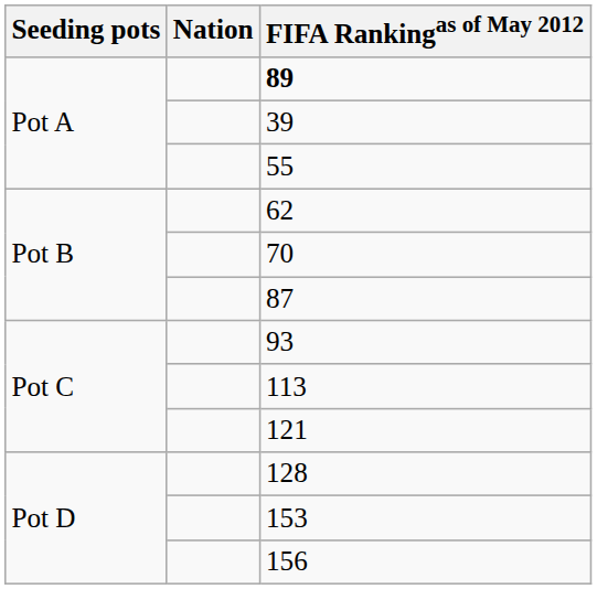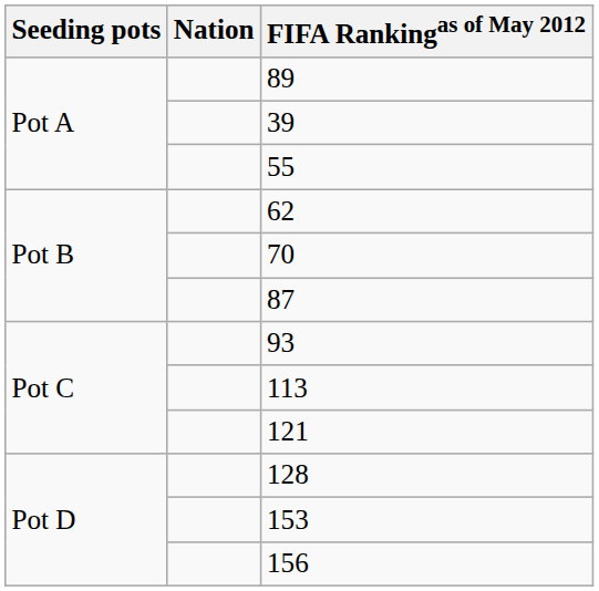 <table class="wikitable">
 <tr>
 <th>Seeding pots</th>
 <th>Nation</th>
 <th>FIFA Ranking<sup>as of May 2012</sup></th>
 </tr>
 <tr>
 <td rowspan="3">Pot A</td>
 <td></td>
-<td><strong>89</strong></td>
+<td>89</td>
 </tr>
 <tr>
 <td></td>
 <td>39</td>
 </tr>
 <tr>
 <td></td>
 <td>55</td>
 </tr>
 <tr>
 <td rowspan="3">Pot B</td>
 <td></td>
 <td>62</td>
 </tr>
 <tr>
 <td></td>
 <td>70</td>
 </tr>
 <tr>
 <td></td>
 <td>87</td>
 </tr>
 <tr>
 <td rowspan="3">Pot C</td>
 <td></td>
 <td>93</td>
 </tr>
 <tr>
 <td></td>
 <td>113</td>
 </tr>
 <tr>
 <td></td>
 <td>121</td>
 </tr>
 <tr>
 <td rowspan="3">Pot D</td>
 <td></td>
 <td>128</td>
 </tr>
 <tr>
 <td></td>
 <td>153</td>
 </tr>
 <tr>
 <td></td>
 <td>156</td>
 </tr>
 </table>
